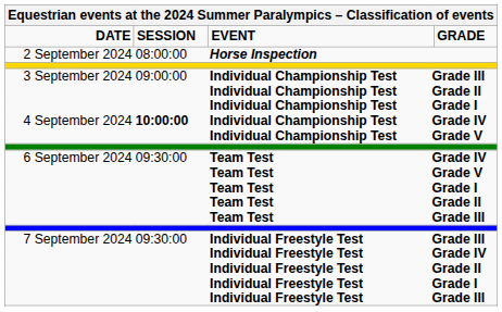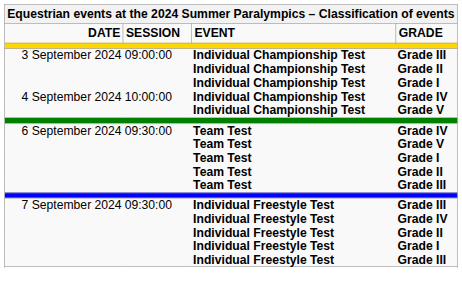 <table class="wikitable">
 <tr>
 <th colspan="6">Equestrian events at the 2024 Summer Paralympics – Classification of events</th>
 </tr>
 <tr>
 <td align=right><strong>DATE</strong></td>
 <td><strong>SESSION</strong></td>
 <td colspan="3"><strong>EVENT</strong></td>
 <td><strong>GRADE</strong></td>
-</tr>
-<tr>
-<td align=right style="border:none;padding-top:0cm;padding-bottom:0cm;padding-left:0.053cm;padding-right:0.053cm;">2 September 2024</td>
-<td style="border:none;padding-top:0cm;padding-bottom:0cm;padding-left:0.053cm;padding-right:0.053cm;">08:00:00</td>
-<td style="border:none;padding-top:0cm;padding-bottom:0cm;padding-left:0.053cm;padding-right:0.053cm;"><strong><em>Horse Inspection</em></strong></td>
-<td style="border:none;padding-top:0cm;padding-bottom:0cm;padding-left:0.053cm;padding-right:0.053cm;"></td>
-<td style="border:none;padding-top:0cm;padding-bottom:0cm;padding-left:0.053cm;padding-right:0.053cm;"></td>
-<td style="border:none;padding-top:0cm;padding-bottom:0cm;padding-left:0.053cm;padding-right:0.053cm;"></td>
 </tr>
 <tr style="border:none;padding-top:0cm;padding-bottom:0cm;padding-left:0.053cm;padding-right:0.053cm;">
 <td colspan="6" bgcolor="gold"></td>
 </tr>
 <tr>
 <td colspan="5"  style="border:none;padding-top:0cm;padding-bottom:0cm;padding-left:0.053cm;padding-right:0.053cm;"></td>
 <td style="border:none;padding-top:0cm;padding-bottom:0cm;padding-left:0.053cm;padding-right:0.053cm;"></td>
 </tr>
 <tr>
 <td align=right style="border:none;padding-top:0cm;padding-bottom:0cm;padding-left:0.053cm;padding-right:0.053cm;">3 September 2024</td>
 <td style="border:none;padding-top:0cm;padding-bottom:0cm;padding-left:0.053cm;padding-right:0.053cm;">09:00:00</td>
 <td style="border:none;padding-top:0cm;padding-bottom:0cm;padding-left:0.053cm;padding-right:0.053cm;"><strong>Individual Championship Test</strong></td>
 <td style="border:none;padding-top:0cm;padding-bottom:0cm;padding-left:0.053cm;padding-right:0.053cm;"></td>
 <td colspan="2"  style="border:none;padding-top:0cm;padding-bottom:0cm;padding-left:0.053cm;padding-right:0.053cm;"><strong>Grade III</strong></td>
 </tr>
 <tr>
 <td style="border:none;padding-top:0cm;padding-bottom:0cm;padding-left:0.053cm;padding-right:0.053cm;"></td>
 <td style="border:none;padding-top:0cm;padding-bottom:0cm;padding-left:0.053cm;padding-right:0.053cm;"></td>
 <td style="border:none;padding-top:0cm;padding-bottom:0cm;padding-left:0.053cm;padding-right:0.053cm;"><strong>Individual Championship Test</strong></td>
 <td style="border:none;padding-top:0cm;padding-bottom:0cm;padding-left:0.053cm;padding-right:0.053cm;"></td>
 <td colspan="2"  style="border:none;padding-top:0cm;padding-bottom:0cm;padding-left:0.053cm;padding-right:0.053cm;"><strong>Grade II</strong></td>
 </tr>
 <tr>
 <td align=right style="border:none;padding-top:0cm;padding-bottom:0cm;padding-left:0.053cm;padding-right:0.053cm;"></td>
 <td style="border:none;padding-top:0cm;padding-bottom:0cm;padding-left:0.053cm;padding-right:0.053cm;"></td>
 <td style="border:none;padding-top:0cm;padding-bottom:0cm;padding-left:0.053cm;padding-right:0.053cm;"><strong>Individual Championship Test</strong></td>
 <td style="border:none;padding-top:0cm;padding-bottom:0cm;padding-left:0.053cm;padding-right:0.053cm;"></td>
 <td colspan="2"  style="border:none;padding-top:0cm;padding-bottom:0cm;padding-left:0.053cm;padding-right:0.053cm;"><strong>Grade I</strong></td>
 </tr>
 <tr>
 <td align=right style="border:none;padding-top:0cm;padding-bottom:0cm;padding-left:0.053cm;padding-right:0.053cm;">4 September 2024</td>
-<td style="border:none;padding-top:0cm;padding-bottom:0cm;padding-left:0.053cm;padding-right:0.053cm;"><strong>10:00:00</strong></td>
+<td style="border:none;padding-top:0cm;padding-bottom:0cm;padding-left:0.053cm;padding-right:0.053cm;">10:00:00</td>
 <td style="border:none;padding-top:0cm;padding-bottom:0cm;padding-left:0.053cm;padding-right:0.053cm;"><strong>Individual Championship Test</strong></td>
 <td style="border:none;padding-top:0cm;padding-bottom:0cm;padding-left:0.053cm;padding-right:0.053cm;"></td>
 <td colspan="2"  style="border:none;padding-top:0cm;padding-bottom:0cm;padding-left:0.053cm;padding-right:0.053cm;"><strong>Grade IV</strong></td>
 </tr>
 <tr>
 <td align=right style="border:none;padding-top:0cm;padding-bottom:0cm;padding-left:0.053cm;padding-right:0.053cm;"></td>
 <td style="border:none;padding-top:0cm;padding-bottom:0cm;padding-left:0.053cm;padding-right:0.053cm;"></td>
 <td style="border:none;padding-top:0cm;padding-bottom:0cm;padding-left:0.053cm;padding-right:0.053cm;"><strong>Individual Championship Test</strong></td>
 <td style="border:none;padding-top:0cm;padding-bottom:0cm;padding-left:0.053cm;padding-right:0.053cm;"></td>
 <td colspan="2"  style="border:none;padding-top:0cm;padding-bottom:0cm;padding-left:0.053cm;padding-right:0.053cm;"><strong>Grade V</strong></td>
 </tr>
 <tr style="border:none;padding-top:0cm;padding-bottom:0cm;padding-left:0.053cm;padding-right:0.053cm;bgcolor:green;">
 <td colspan="6"  bgcolor="green"></td>
 </tr>
 <tr>
 <td align=right style="border:none;padding-top:0cm;padding-bottom:0cm;padding-left:0.053cm;padding-right:0.053cm;">6 September 2024</td>
 <td style="border:none;padding-top:0cm;padding-bottom:0cm;padding-left:0.053cm;padding-right:0.053cm;">09:30:00</td>
 <td colspan="2"  style="border:none;padding-top:0cm;padding-bottom:0cm;padding-left:0.053cm;padding-right:0.053cm;"><strong>Team Test</strong></td>
 <td colspan="2"  style="border:none;padding-top:0cm;padding-bottom:0cm;padding-left:0.053cm;padding-right:0.053cm;"><strong>Grade IV</strong></td>
 </tr>
 <tr>
 <td align=right style="border:none;padding-top:0cm;padding-bottom:0cm;padding-left:0.053cm;padding-right:0.053cm;"></td>
 <td style="border:none;padding-top:0cm;padding-bottom:0cm;padding-left:0.053cm;padding-right:0.053cm;"></td>
 <td colspan="2"  style="border:none;padding-top:0cm;padding-bottom:0cm;padding-left:0.053cm;padding-right:0.053cm;"><strong>Team Test</strong></td>
 <td colspan="2"  style="border:none;padding-top:0cm;padding-bottom:0cm;padding-left:0.053cm;padding-right:0.053cm;"><strong>Grade V</strong></td>
 </tr>
 <tr>
 <td style="border:none;padding-top:0cm;padding-bottom:0cm;padding-left:0.053cm;padding-right:0.053cm;"></td>
 <td style="border:none;padding-top:0cm;padding-bottom:0cm;padding-left:0.053cm;padding-right:0.053cm;"></td>
 <td colspan="2"  style="border:none;padding-top:0cm;padding-bottom:0cm;padding-left:0.053cm;padding-right:0.053cm;"><strong>Team Test</strong></td>
 <td colspan="2"  style="border:none;padding-top:0cm;padding-bottom:0cm;padding-left:0.053cm;padding-right:0.053cm;"><strong>Grade I</strong></td>
 </tr>
 <tr>
 <td align=right style="border:none;padding-top:0cm;padding-bottom:0cm;padding-left:0.053cm;padding-right:0.053cm;"></td>
 <td style="border:none;padding-top:0cm;padding-bottom:0cm;padding-left:0.053cm;padding-right:0.053cm;"></td>
 <td colspan="2"  style="border:none;padding-top:0cm;padding-bottom:0cm;padding-left:0.053cm;padding-right:0.053cm;"><strong>Team Test</strong></td>
 <td colspan="2"  style="border:none;padding-top:0cm;padding-bottom:0cm;padding-left:0.053cm;padding-right:0.053cm;"><strong>Grade II</strong></td>
 </tr>
 <tr>
 <td style="border:none;padding-top:0cm;padding-bottom:0cm;padding-left:0.053cm;padding-right:0.053cm;"></td>
 <td style="border:none;padding-top:0cm;padding-bottom:0cm;padding-left:0.053cm;padding-right:0.053cm;"></td>
 <td colspan="2"  style="border:none;padding-top:0cm;padding-bottom:0cm;padding-left:0.053cm;padding-right:0.053cm;"><strong>Team Test</strong></td>
 <td colspan="2"  style="border:none;padding-top:0cm;padding-bottom:0cm;padding-left:0.053cm;padding-right:0.053cm;"><strong>Grade III</strong></td>
 </tr>
 <tr style="border:none;padding-top:0cm;padding-bottom:0cm;padding-left:0.053cm;padding-right:0.053cm;bgcolor:green;">
 <td colspan="6"  bgcolor="blue"></td>
 </tr>
 <tr>
 <td align=right style="border:none;padding-top:0cm;padding-bottom:0cm;padding-left:0.053cm;padding-right:0.053cm;">7 September 2024</td>
 <td style="border:none;padding-top:0cm;padding-bottom:0cm;padding-left:0.053cm;padding-right:0.053cm;">09:30:00</td>
 <td colspan="2"  style="border:none;padding-top:0cm;padding-bottom:0cm;padding-left:0.053cm;padding-right:0.053cm;"><strong>Individual Freestyle Test</strong></td>
 <td colspan="2"  style="border:none;padding-top:0cm;padding-bottom:0cm;padding-left:0.053cm;padding-right:0.053cm;"><strong>Grade III</strong></td>
 </tr>
 <tr>
 <td style="border:none;padding-top:0cm;padding-bottom:0cm;padding-left:0.053cm;padding-right:0.053cm;"></td>
 <td style="border:none;padding-top:0cm;padding-bottom:0cm;padding-left:0.053cm;padding-right:0.053cm;"></td>
 <td colspan="2"  style="border:none;padding-top:0cm;padding-bottom:0cm;padding-left:0.053cm;padding-right:0.053cm;"><strong>Individual Freestyle Test</strong></td>
 <td colspan="2"  style="border:none;padding-top:0cm;padding-bottom:0cm;padding-left:0.053cm;padding-right:0.053cm;"><strong>Grade IV</strong></td>
 </tr>
 <tr>
 <td style="border:none;padding-top:0cm;padding-bottom:0cm;padding-left:0.053cm;padding-right:0.053cm;"></td>
 <td style="border:none;padding-top:0cm;padding-bottom:0cm;padding-left:0.053cm;padding-right:0.053cm;"></td>
 <td colspan="2"  style="border:none;padding-top:0cm;padding-bottom:0cm;padding-left:0.053cm;padding-right:0.053cm;"><strong>Individual Freestyle Test</strong></td>
 <td colspan="2"  style="border:none;padding-top:0cm;padding-bottom:0cm;padding-left:0.053cm;padding-right:0.053cm;"><strong>Grade II</strong></td>
 </tr>
 <tr>
 <td style="border:none;padding-top:0cm;padding-bottom:0cm;padding-left:0.053cm;padding-right:0.053cm;"></td>
 <td style="border:none;padding-top:0cm;padding-bottom:0cm;padding-left:0.053cm;padding-right:0.053cm;"></td>
 <td colspan="2"  style="border:none;padding-top:0cm;padding-bottom:0cm;padding-left:0.053cm;padding-right:0.053cm;"><strong>Individual Freestyle Test</strong></td>
 <td colspan="2"  style="border:none;padding-top:0cm;padding-bottom:0cm;padding-left:0.053cm;padding-right:0.053cm;"><strong>Grade I</strong></td>
 </tr>
 <tr>
 <td style="border:none;padding-top:0cm;padding-bottom:0cm;padding-left:0.053cm;padding-right:0.053cm;"></td>
 <td style="border:none;padding-top:0cm;padding-bottom:0cm;padding-left:0.053cm;padding-right:0.053cm;"></td>
 <td colspan="2"  style="border:none;padding-top:0cm;padding-bottom:0cm;padding-left:0.053cm;padding-right:0.053cm;"><strong>Individual Freestyle Test</strong></td>
 <td colspan="2"  style="border:none;padding-top:0cm;padding-bottom:0cm;padding-left:0.053cm;padding-right:0.053cm;"><strong>Grade III</strong></td>
 </tr>
 <tr>
 <td colspan="5"  style="border:none;padding-top:0cm;padding-bottom:0cm;padding-left:0.053cm;padding-right:0.053cm;"></td>
 <td style="border:none;padding-top:0cm;padding-bottom:0cm;padding-left:0.053cm;padding-right:0.053cm;"></td>
 </tr>
 <tr>
 </tr>
 </table>
